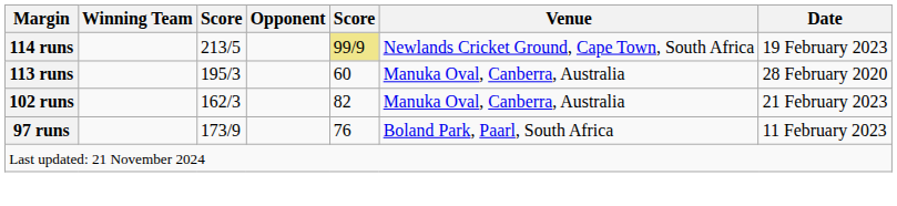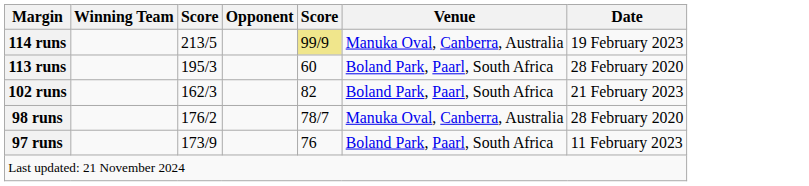 <table class="wikitable sortable" style="text-align:left;">
 <tr>
 <th>Margin</th>
 <th>Winning Team</th>
 <th>Score</th>
 <th>Opponent</th>
 <th>Score</th>
 <th>Venue</th>
 <th>Date</th>
 </tr>
 <tr>
 <th>114 runs</th>
 <td></td>
 <td>213/5</td>
 <td></td>
 <td style="background: khaki;">99/9</td>
-<td><a href='#'>Newlands Cricket Ground</a>, <a href='#'>Cape Town</a>, South Africa</td>
+<td><a href='#'>Manuka Oval</a>, <a href='#'>Canberra</a>, Australia</td>
 <td>19 February 2023</td>
 </tr>
 <tr>
 <th>113 runs</th>
 <td></td>
 <td>195/3</td>
 <td></td>
 <td>60</td>
-<td><a href='#'>Manuka Oval</a>, <a href='#'>Canberra</a>, Australia</td>
+<td><a href='#'>Boland Park</a>, <a href='#'>Paarl</a>, South Africa</td>
 <td>28 February 2020</td>
 </tr>
 <tr>
 <th>102 runs</th>
 <td></td>
 <td>162/3</td>
 <td></td>
 <td>82</td>
+<td><a href='#'>Boland Park</a>, <a href='#'>Paarl</a>, South Africa</td>
+<td>21 February 2023</td>
+</tr>
+<tr>
+<th>98 runs</th>
+<td></td>
+<td>176/2</td>
+<td></td>
+<td>78/7</td>
 <td><a href='#'>Manuka Oval</a>, <a href='#'>Canberra</a>, Australia</td>
-<td>21 February 2023</td>
+<td>28 February 2020</td>
 </tr>
 <tr>
 <th>97 runs</th>
 <td></td>
 <td>173/9</td>
 <td></td>
 <td>76</td>
 <td><a href='#'>Boland Park</a>, <a href='#'>Paarl</a>, South Africa</td>
 <td>11 February 2023</td>
 </tr>
 <tr>
 <td colspan="7"><small>Last updated: 21 November 2024</small></td>
 </tr>
 </table>
